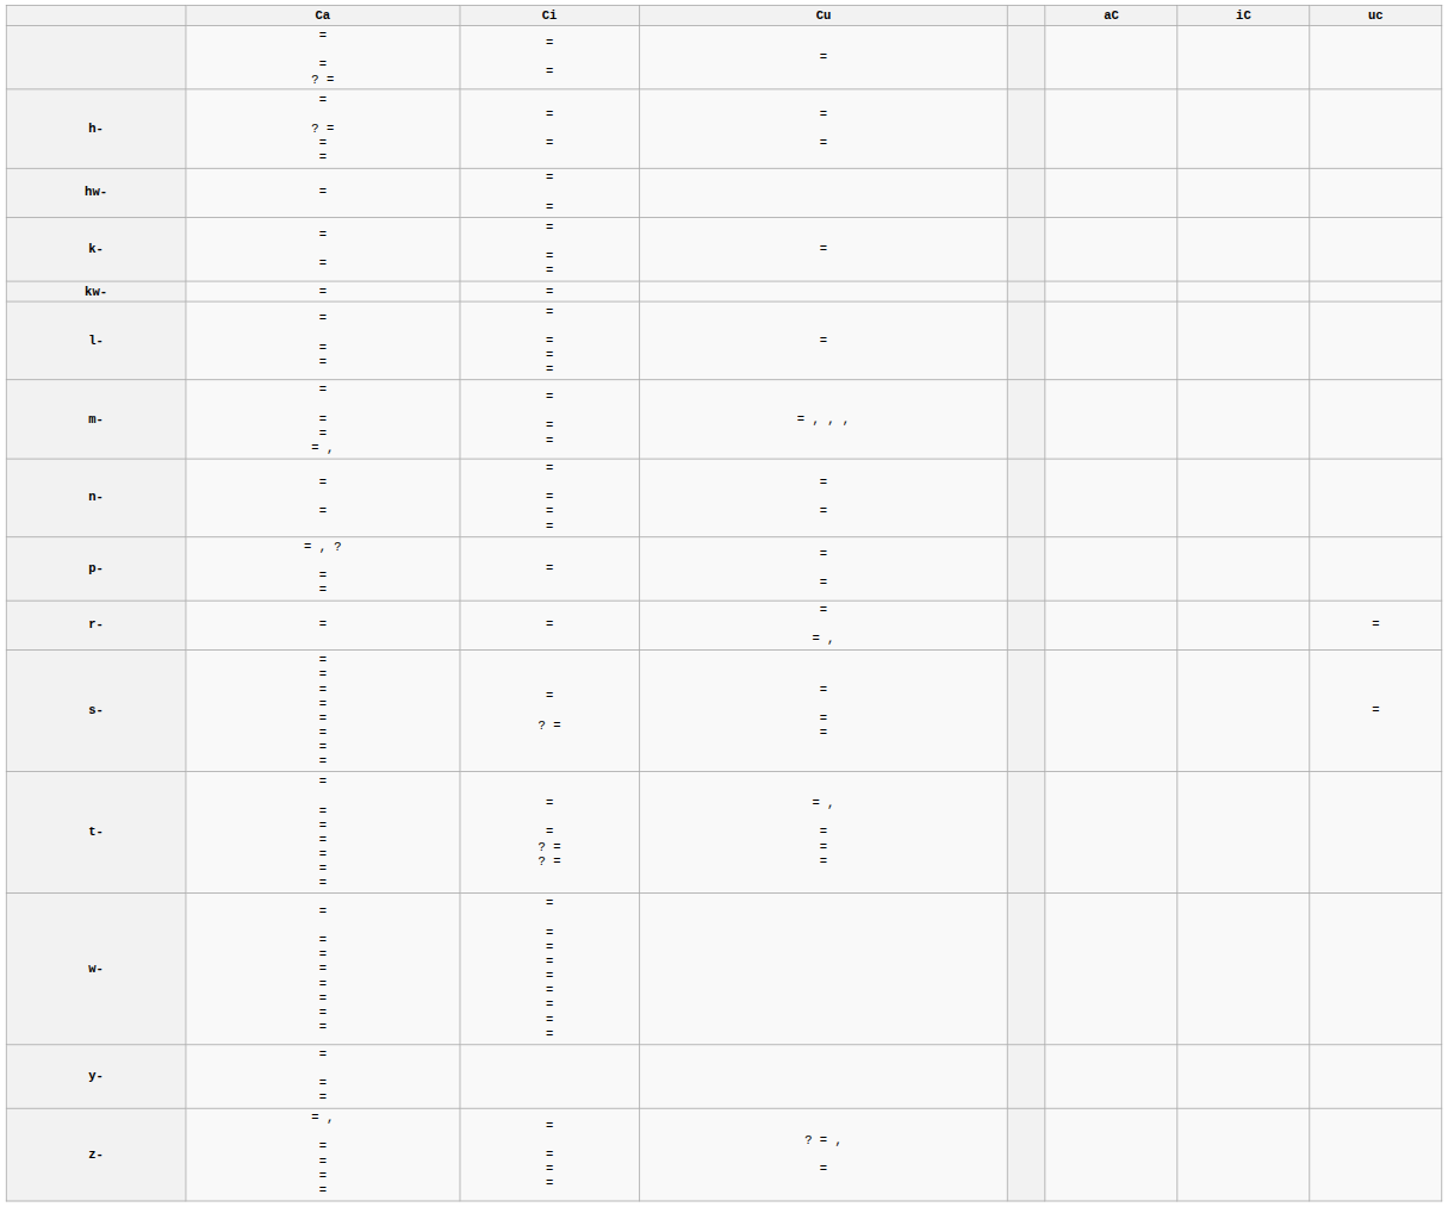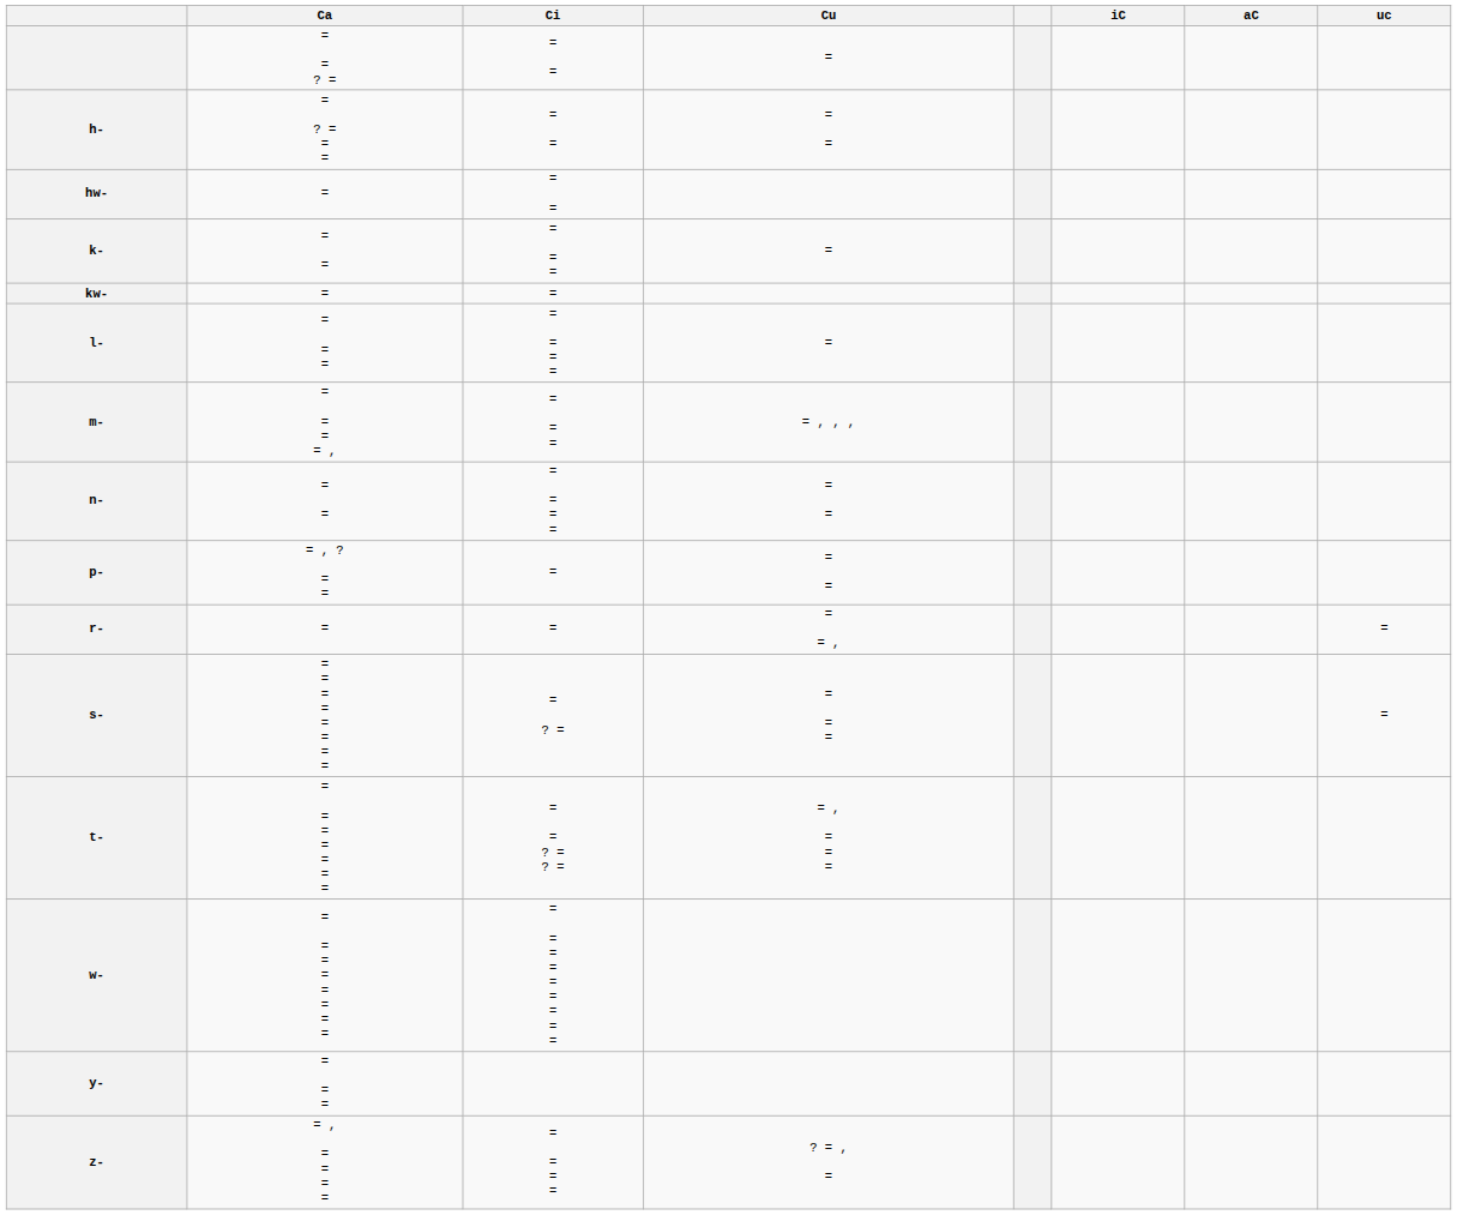 <table class="wikitable" style="margin-left: auto; margin-right: auto; border: none; width:75%">
 <tr>
 <th></th>
 <th>Ca</th>
 <th>Ci</th>
 <th>Cu</th>
 <th></th>
+<th>iC</th>
 <th>aC</th>
-<th>iC</th>
 <th>uc</th>
 </tr>
 <tr style="text-align:center">
 <th></th>
 <td> = <br><br> = <br>  ? = </td>
 <td> = <br><br> = </td>
 <td> = </td>
 <th></th>
 <td></td>
 <td></td>
 <td></td>
 </tr>
 <tr style="text-align:center">
 <th>h-</th>
 <td> = <br><br> ? = <br>  = <br>  = </td>
 <td> = <br><br> = </td>
 <td> = <br><br> = </td>
 <th></th>
 <td></td>
 <td></td>
 <td></td>
 </tr>
 <tr style="text-align:center">
 <th>hw-</th>
 <td> = </td>
 <td> = <br><br> = </td>
 <td></td>
 <th></th>
 <td></td>
 <td></td>
 <td></td>
 </tr>
 <tr style="text-align:center">
 <th>k-</th>
 <td> = <br><br> = </td>
 <td> = <br><br> = <br>  = </td>
 <td> = </td>
 <th></th>
 <td></td>
 <td></td>
 <td></td>
 </tr>
 <tr style="text-align:center">
 <th>kw-</th>
 <td> = </td>
 <td> = </td>
 <td></td>
 <th></th>
 <td></td>
 <td></td>
 <td></td>
 </tr>
 <tr style="text-align:center">
 <th>l-</th>
 <td> = <br><br> = <br>  = </td>
 <td> = <br><br> = <br>  = <br>  = </td>
 <td> = </td>
 <th></th>
 <td></td>
 <td></td>
 <td></td>
 </tr>
 <tr style="text-align:center">
 <th>m-</th>
 <td> = <br><br> = <br>  = <br>  = , </td>
 <td> = <br><br> = <br>  = </td>
 <td> = , , , </td>
 <th></th>
 <td></td>
 <td></td>
 <td></td>
 </tr>
 <tr style="text-align:center">
 <th>n-</th>
 <td> = <br><br> = </td>
 <td> = <br><br> = <br>  = <br>  = </td>
 <td> = <br><br> = </td>
 <th></th>
 <td></td>
 <td></td>
 <td></td>
 </tr>
 <tr style="text-align:center">
 <th>p-</th>
 <td> = ,  ?<br><br> = <br>  = </td>
 <td> = </td>
 <td> = <br><br> = </td>
 <th></th>
 <td></td>
 <td></td>
 <td></td>
 </tr>
 <tr style="text-align:center">
 <th>r-</th>
 <td> = </td>
 <td> = </td>
 <td> = <br><br> = , </td>
 <th></th>
 <td></td>
 <td></td>
 <td> = </td>
 </tr>
 <tr style="text-align:center">
 <th>s-</th>
 <td> = <br> = <br>  = <br>  = <br>  = <br>  = <br>  = <br>  = <br></td>
 <td> = <br><br> ? = </td>
 <td> = <br><br> = <br>  = </td>
 <th></th>
 <td></td>
 <td></td>
 <td> = </td>
 </tr>
 <tr style="text-align:center">
 <th>t-</th>
 <td> = <br><br> = <br>  = <br>  = <br>  = <br>  = <br>  = </td>
 <td> = <br><br> = <br>  ? = <br>  ? = </td>
 <td> = , <br><br> = <br>  = <br>  = </td>
 <th></th>
 <td></td>
 <td></td>
 <td></td>
 </tr>
 <tr style="text-align:center">
 <th>w-</th>
 <td> = <br><br> = <br>  = <br>  = <br>  = <br>  = <br>  = <br>  = </td>
 <td> = <br><br> = <br>  = <br>  = <br>  = <br>  = <br>  = <br>  = <br>  = </td>
 <td></td>
 <th></th>
 <td></td>
 <td></td>
 <td></td>
 </tr>
 <tr style="text-align:center">
 <th>y-</th>
 <td> = <br><br> = <br>  = </td>
 <td></td>
 <td></td>
 <th></th>
 <td></td>
 <td></td>
 <td></td>
 </tr>
 <tr style="text-align:center">
 <th>z-</th>
 <td> = , <br><br> = <br>  = <br>  = <br>  = </td>
 <td> = <br><br> = <br>  = <br>  = </td>
 <td> ? = , <br><br> = </td>
 <th></th>
 <td></td>
 <td></td>
 <td></td>
 </tr>
 </table>
